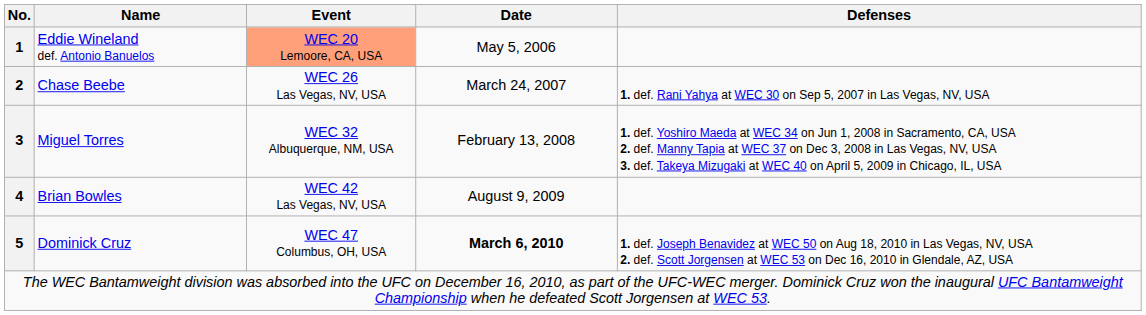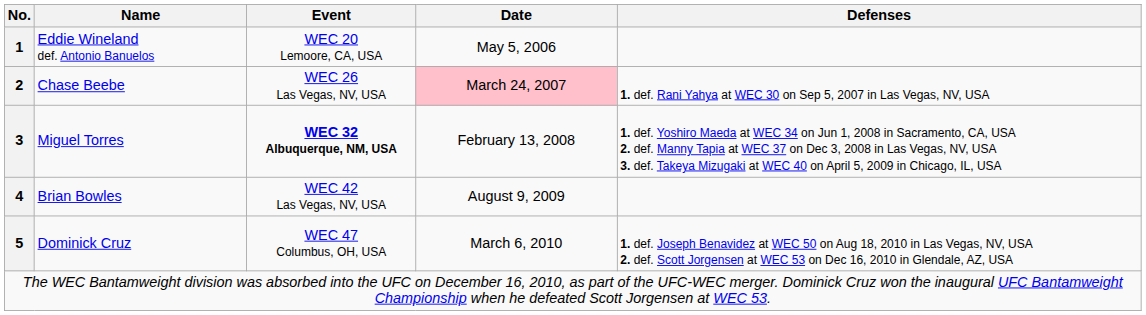 <table class="wikitable" width=100%>
 <tr>
 <th width=1%>No.</th>
 <th width=19%>Name</th>
 <th width=15%>Event</th>
 <th width=18%>Date</th>
 <th width=47%>Defenses</th>
 </tr>
 <tr>
 <th>1</th>
 <td align=left> <a href='#'>Eddie Wineland</a><br><small>def. <a href='#'>Antonio Banuelos</a></small></td>
-<td align=center style="background: lightsalmon;"><a href='#'>WEC 20</a> <br><small>Lemoore, CA, USA</small></td>
+<td align=center><a href='#'>WEC 20</a> <br><small>Lemoore, CA, USA</small></td>
 <td align=center>May 5, 2006</td>
 <td></td>
 </tr>
 <tr>
 <th>2</th>
 <td align=left> <a href='#'>Chase Beebe</a></td>
 <td align=center><a href='#'>WEC 26</a> <br><small>Las Vegas, NV, USA</small></td>
-<td align=center>March 24, 2007</td>
+<td align=center style="background: pink;">March 24, 2007</td>
 <td><br><small><strong>1.</strong> def. <a href='#'>Rani Yahya</a> at <a href='#'>WEC 30</a> on Sep 5, 2007 in Las Vegas, NV, USA</small></td>
 </tr>
 <tr>
 <th>3</th>
 <td align=left> <a href='#'>Miguel Torres</a></td>
-<td align=center><a href='#'>WEC 32</a> <br><small>Albuquerque, NM, USA</small></td>
+<td align=center><strong><a href='#'>WEC 32</a> <br><small>Albuquerque, NM, USA</small></strong></td>
 <td align=center>February 13, 2008</td>
 <td><br><small><strong>1.</strong> def. <a href='#'>Yoshiro Maeda</a> at <a href='#'>WEC 34</a> on Jun 1, 2008 in Sacramento, CA, USA<br> <strong>2.</strong> def. <a href='#'>Manny Tapia</a> at <a href='#'>WEC 37</a> on Dec 3, 2008 in Las Vegas, NV, USA<br> <strong>3.</strong> def. <a href='#'>Takeya Mizugaki</a> at <a href='#'>WEC 40</a> on April 5, 2009 in Chicago, IL, USA</small></td>
 </tr>
 <tr>
 <th>4</th>
 <td align=left> <a href='#'>Brian Bowles</a></td>
 <td align=center><a href='#'>WEC 42</a> <br><small>Las Vegas, NV, USA</small></td>
 <td align=center>August 9, 2009</td>
 <td></td>
 </tr>
 <tr>
 <th>5</th>
 <td align=left> <a href='#'>Dominick Cruz</a></td>
 <td align=center><a href='#'>WEC 47</a> <br><small>Columbus, OH, USA</small></td>
-<td align=center><strong>March 6, 2010</strong></td>
+<td align=center>March 6, 2010</td>
 <td><br><small><strong>1.</strong> def. <a href='#'>Joseph Benavidez</a> at <a href='#'>WEC 50</a> on Aug 18, 2010 in Las Vegas, NV, USA<br> <strong>2.</strong> def. <a href='#'>Scott Jorgensen</a> at <a href='#'>WEC 53</a> on Dec 16, 2010 in Glendale, AZ, USA</small></td>
 </tr>
 <tr>
 <td align="center" colspan="5"><em>The WEC Bantamweight division was absorbed into the UFC on December 16, 2010, as part of the UFC-WEC merger. Dominick Cruz won the inaugural <a href='#'>UFC Bantamweight Championship</a> when he defeated Scott Jorgensen at <a href='#'>WEC 53</a>.</em></td>
 </tr>
 </table>
